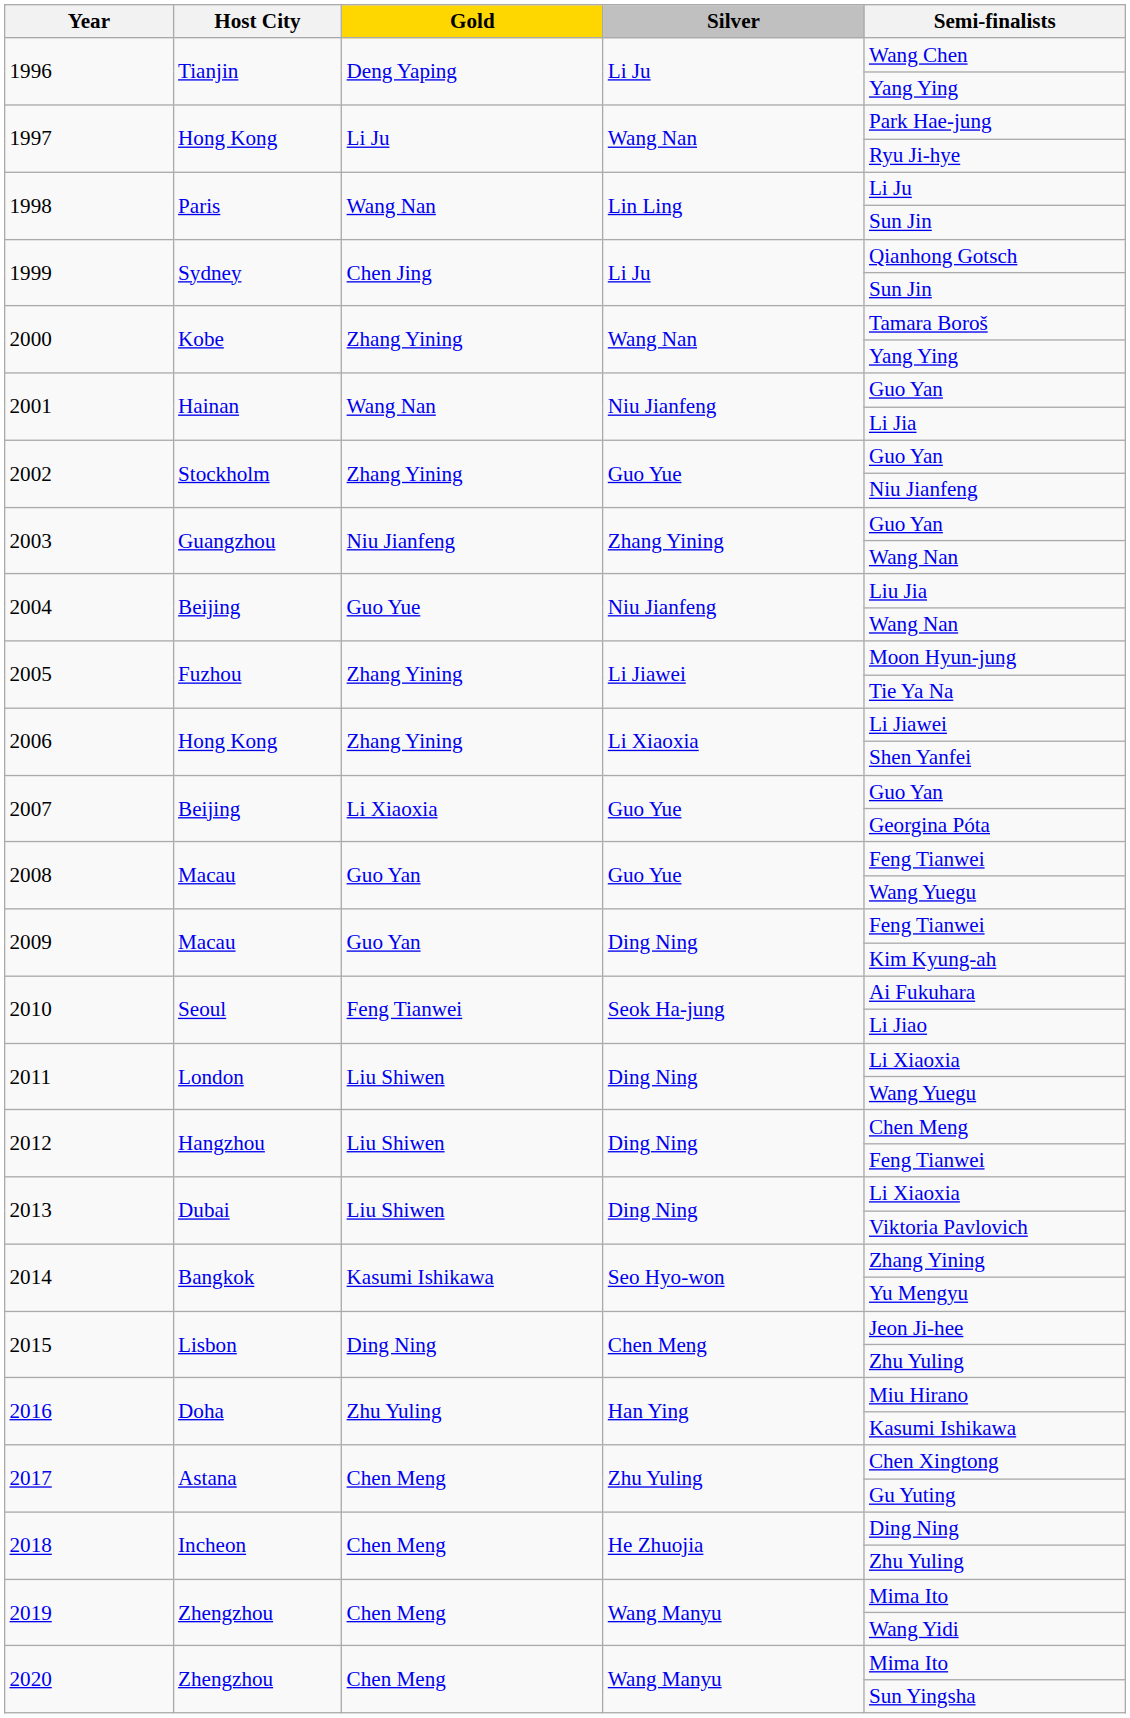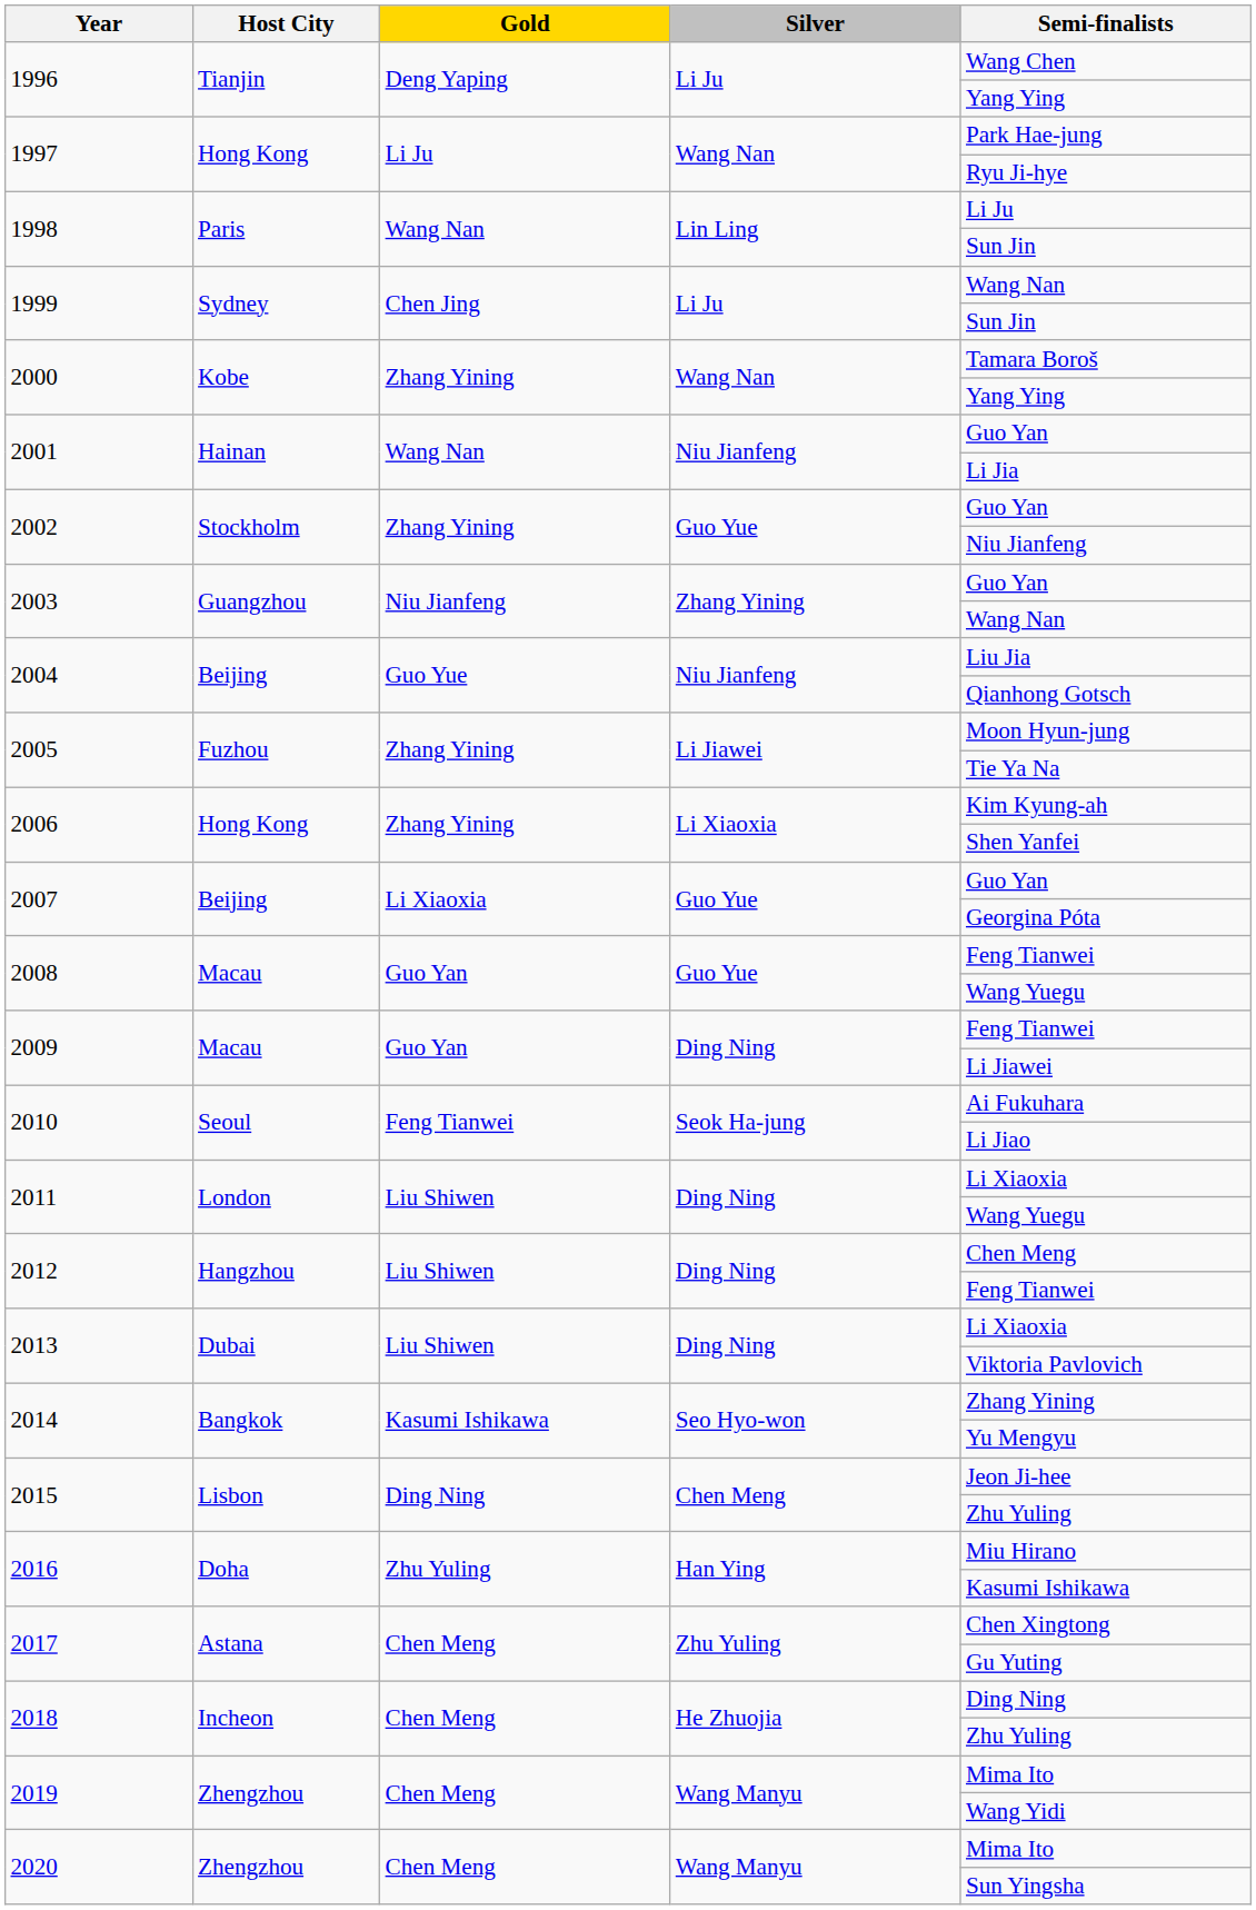 <table class="wikitable" style="text-align: left; width: 850px;">
 <tr>
 <th width="120">Year</th>
 <th width="120">Host City</th>
 <th width="190" style="background-color: gold">Gold</th>
 <th width="190" style="background-color: silver">Silver</th>
 <th width="190">Semi-finalists</th>
 </tr>
 <tr>
 <td rowspan=2>1996</td>
 <td rowspan=2><a href='#'>Tianjin</a></td>
 <td rowspan=2> <a href='#'>Deng Yaping</a></td>
 <td rowspan=2> <a href='#'>Li Ju</a></td>
 <td> <a href='#'>Wang Chen</a></td>
 </tr>
 <tr>
 <td> <a href='#'>Yang Ying</a></td>
 </tr>
 <tr>
 <td rowspan=2>1997</td>
 <td rowspan=2><a href='#'>Hong Kong</a></td>
 <td rowspan=2> <a href='#'>Li Ju</a></td>
 <td rowspan=2> <a href='#'>Wang Nan</a></td>
 <td> <a href='#'>Park Hae-jung</a></td>
 </tr>
 <tr>
 <td> <a href='#'>Ryu Ji-hye</a></td>
 </tr>
 <tr>
 <td rowspan=2>1998</td>
 <td rowspan=2><a href='#'>Paris</a></td>
 <td rowspan=2> <a href='#'>Wang Nan</a></td>
 <td rowspan=2> <a href='#'>Lin Ling</a></td>
 <td> <a href='#'>Li Ju</a></td>
 </tr>
 <tr>
 <td> <a href='#'>Sun Jin</a></td>
 </tr>
 <tr>
 <td rowspan=2>1999</td>
 <td rowspan=2><a href='#'>Sydney</a></td>
 <td rowspan=2> <a href='#'>Chen Jing</a></td>
 <td rowspan=2> <a href='#'>Li Ju</a></td>
-<td> <a href='#'>Qianhong Gotsch</a></td>
+<td> <a href='#'>Wang Nan</a></td>
 </tr>
 <tr>
 <td> <a href='#'>Sun Jin</a></td>
 </tr>
 <tr>
 <td rowspan=2>2000</td>
 <td rowspan=2><a href='#'>Kobe</a></td>
 <td rowspan=2> <a href='#'>Zhang Yining</a></td>
 <td rowspan=2> <a href='#'>Wang Nan</a></td>
 <td> <a href='#'>Tamara Boroš</a></td>
 </tr>
 <tr>
 <td> <a href='#'>Yang Ying</a></td>
 </tr>
 <tr>
 <td rowspan=2>2001</td>
 <td rowspan=2><a href='#'>Hainan</a></td>
 <td rowspan=2> <a href='#'>Wang Nan</a></td>
 <td rowspan=2> <a href='#'>Niu Jianfeng</a></td>
 <td> <a href='#'>Guo Yan</a></td>
 </tr>
 <tr>
 <td> <a href='#'>Li Jia</a></td>
 </tr>
 <tr>
 <td rowspan=2>2002</td>
 <td rowspan=2><a href='#'>Stockholm</a></td>
 <td rowspan=2> <a href='#'>Zhang Yining</a></td>
 <td rowspan=2> <a href='#'>Guo Yue</a></td>
 <td> <a href='#'>Guo Yan</a></td>
 </tr>
 <tr>
 <td> <a href='#'>Niu Jianfeng</a></td>
 </tr>
 <tr>
 <td rowspan=2>2003</td>
 <td rowspan=2><a href='#'>Guangzhou</a></td>
 <td rowspan=2> <a href='#'>Niu Jianfeng</a></td>
 <td rowspan=2> <a href='#'>Zhang Yining</a></td>
 <td> <a href='#'>Guo Yan</a></td>
 </tr>
 <tr>
 <td> <a href='#'>Wang Nan</a></td>
 </tr>
 <tr>
 <td rowspan=2>2004</td>
 <td rowspan=2><a href='#'>Beijing</a></td>
 <td rowspan=2> <a href='#'>Guo Yue</a></td>
 <td rowspan=2> <a href='#'>Niu Jianfeng</a></td>
 <td> <a href='#'>Liu Jia</a></td>
 </tr>
 <tr>
-<td> <a href='#'>Wang Nan</a></td>
+<td> <a href='#'>Qianhong Gotsch</a></td>
 </tr>
 <tr>
 <td rowspan=2>2005</td>
 <td rowspan=2><a href='#'>Fuzhou</a></td>
 <td rowspan=2> <a href='#'>Zhang Yining</a></td>
 <td rowspan=2> <a href='#'>Li Jiawei</a></td>
 <td> <a href='#'>Moon Hyun-jung</a></td>
 </tr>
 <tr>
 <td> <a href='#'>Tie Ya Na</a></td>
 </tr>
 <tr>
 <td rowspan=2>2006</td>
 <td rowspan=2><a href='#'>Hong Kong</a></td>
 <td rowspan=2> <a href='#'>Zhang Yining</a></td>
 <td rowspan=2> <a href='#'>Li Xiaoxia</a></td>
-<td> <a href='#'>Li Jiawei</a></td>
+<td> <a href='#'>Kim Kyung-ah</a></td>
 </tr>
 <tr>
 <td> <a href='#'>Shen Yanfei</a></td>
 </tr>
 <tr>
 <td rowspan=2>2007</td>
 <td rowspan=2><a href='#'>Beijing</a></td>
 <td rowspan=2> <a href='#'>Li Xiaoxia</a></td>
 <td rowspan=2> <a href='#'>Guo Yue</a></td>
 <td> <a href='#'>Guo Yan</a></td>
 </tr>
 <tr>
 <td> <a href='#'>Georgina Póta</a></td>
 </tr>
 <tr>
 <td rowspan=2>2008</td>
 <td rowspan=2><a href='#'>Macau</a></td>
 <td rowspan=2> <a href='#'>Guo Yan</a></td>
 <td rowspan=2> <a href='#'>Guo Yue</a></td>
 <td> <a href='#'>Feng Tianwei</a></td>
 </tr>
 <tr>
 <td> <a href='#'>Wang Yuegu</a></td>
 </tr>
 <tr>
 <td rowspan=2>2009</td>
 <td rowspan=2><a href='#'>Macau</a></td>
 <td rowspan=2> <a href='#'>Guo Yan</a></td>
 <td rowspan=2> <a href='#'>Ding Ning</a></td>
 <td> <a href='#'>Feng Tianwei</a></td>
 </tr>
 <tr>
-<td> <a href='#'>Kim Kyung-ah</a></td>
+<td> <a href='#'>Li Jiawei</a></td>
 </tr>
 <tr>
 <td rowspan=2>2010</td>
 <td rowspan=2><a href='#'>Seoul</a></td>
 <td rowspan=2> <a href='#'>Feng Tianwei</a></td>
 <td rowspan=2> <a href='#'>Seok Ha-jung</a></td>
 <td> <a href='#'>Ai Fukuhara</a></td>
 </tr>
 <tr>
 <td> <a href='#'>Li Jiao</a></td>
 </tr>
 <tr>
 <td rowspan=2>2011</td>
 <td rowspan=2><a href='#'>London</a></td>
 <td rowspan=2> <a href='#'>Liu Shiwen</a></td>
 <td rowspan=2> <a href='#'>Ding Ning</a></td>
 <td> <a href='#'>Li Xiaoxia</a></td>
 </tr>
 <tr>
 <td> <a href='#'>Wang Yuegu</a></td>
 </tr>
 <tr>
 <td rowspan=2>2012</td>
 <td rowspan=2><a href='#'>Hangzhou</a></td>
 <td rowspan=2> <a href='#'>Liu Shiwen</a></td>
 <td rowspan=2> <a href='#'>Ding Ning</a></td>
 <td> <a href='#'>Chen Meng</a></td>
 </tr>
 <tr>
 <td> <a href='#'>Feng Tianwei</a></td>
 </tr>
 <tr>
 <td rowspan=2>2013</td>
 <td rowspan=2><a href='#'>Dubai</a></td>
 <td rowspan=2> <a href='#'>Liu Shiwen</a></td>
 <td rowspan=2> <a href='#'>Ding Ning</a></td>
 <td> <a href='#'>Li Xiaoxia</a></td>
 </tr>
 <tr>
 <td> <a href='#'>Viktoria Pavlovich</a></td>
 </tr>
 <tr>
 <td rowspan=2>2014</td>
 <td rowspan=2><a href='#'>Bangkok</a></td>
 <td rowspan=2> <a href='#'>Kasumi Ishikawa</a></td>
 <td rowspan=2> <a href='#'>Seo Hyo-won</a></td>
 <td> <a href='#'>Zhang Yining</a></td>
 </tr>
 <tr>
 <td> <a href='#'>Yu Mengyu</a></td>
 </tr>
 <tr>
 <td rowspan=2>2015</td>
 <td rowspan=2><a href='#'>Lisbon</a></td>
 <td rowspan=2> <a href='#'>Ding Ning</a></td>
 <td rowspan=2> <a href='#'>Chen Meng</a></td>
 <td> <a href='#'>Jeon Ji-hee</a></td>
 </tr>
 <tr>
 <td> <a href='#'>Zhu Yuling</a></td>
 </tr>
 <tr>
 <td rowspan=2><a href='#'>2016</a></td>
 <td rowspan=2><a href='#'>Doha</a></td>
 <td rowspan=2> <a href='#'>Zhu Yuling</a></td>
 <td rowspan=2> <a href='#'>Han Ying</a></td>
 <td> <a href='#'>Miu Hirano</a></td>
 </tr>
 <tr>
 <td> <a href='#'>Kasumi Ishikawa</a></td>
 </tr>
 <tr>
 <td rowspan=2><a href='#'>2017</a></td>
 <td rowspan=2><a href='#'>Astana</a></td>
 <td rowspan=2> <a href='#'>Chen Meng</a></td>
 <td rowspan=2> <a href='#'>Zhu Yuling</a></td>
 <td> <a href='#'>Chen Xingtong</a></td>
 </tr>
 <tr>
 <td> <a href='#'>Gu Yuting</a></td>
 </tr>
 <tr>
 <td rowspan="2"><a href='#'>2018</a></td>
 <td rowspan="2"><a href='#'>Incheon</a></td>
 <td rowspan="2"> <a href='#'>Chen Meng</a></td>
 <td rowspan="2"> <a href='#'>He Zhuojia</a></td>
 <td> <a href='#'>Ding Ning</a></td>
 </tr>
 <tr>
 <td> <a href='#'>Zhu Yuling</a></td>
 </tr>
 <tr>
 <td rowspan=2><a href='#'>2019</a></td>
 <td rowspan=2><a href='#'>Zhengzhou</a></td>
 <td rowspan=2> <a href='#'>Chen Meng</a></td>
 <td rowspan=2> <a href='#'>Wang Manyu</a></td>
 <td> <a href='#'>Mima Ito</a></td>
 </tr>
 <tr>
 <td> <a href='#'>Wang Yidi</a></td>
 </tr>
 <tr>
 <td rowspan=2><a href='#'>2020</a></td>
 <td rowspan=2><a href='#'>Zhengzhou</a></td>
 <td rowspan=2> <a href='#'>Chen Meng</a></td>
 <td rowspan=2> <a href='#'>Wang Manyu</a></td>
 <td> <a href='#'>Mima Ito</a></td>
 </tr>
 <tr>
 <td> <a href='#'>Sun Yingsha</a></td>
 </tr>
 </table>
